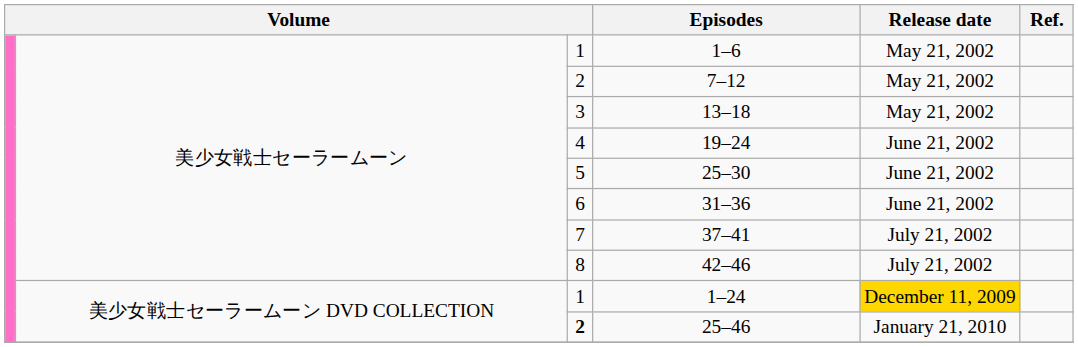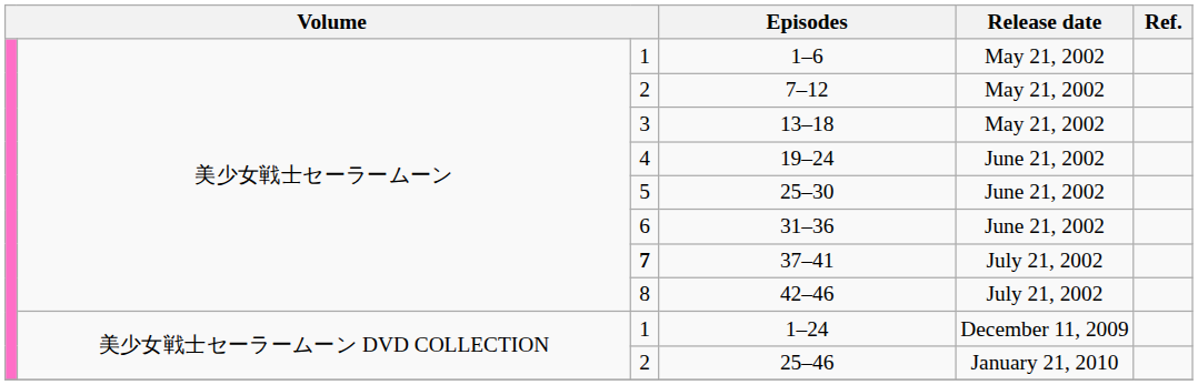 <table class="wikitable" style="text-align: center;">
 <tr>
 <th colspan="3">Volume</th>
 <th width="25%">Episodes</th>
 <th width="15%">Release date</th>
 <th width="5%">Ref.</th>
 </tr>
 <tr>
 <td rowspan="10" width="1%" style="background: #FF6EC7;"></td>
 <td rowspan="8">美少女戦士セーラームーン</td>
 <td>1</td>
 <td>1–6</td>
 <td>May 21, 2002</td>
 <td></td>
 </tr>
 <tr>
 <td>2</td>
 <td>7–12</td>
 <td>May 21, 2002</td>
 <td></td>
 </tr>
 <tr>
 <td>3</td>
 <td>13–18</td>
 <td>May 21, 2002</td>
 <td></td>
 </tr>
 <tr>
 <td>4</td>
 <td>19–24</td>
 <td>June 21, 2002</td>
 <td></td>
 </tr>
 <tr>
 <td>5</td>
 <td>25–30</td>
 <td>June 21, 2002</td>
 <td></td>
 </tr>
 <tr>
 <td>6</td>
 <td>31–36</td>
 <td>June 21, 2002</td>
 <td></td>
 </tr>
 <tr>
-<td>7</td>
+<td><strong>7</strong></td>
 <td>37–41</td>
 <td>July 21, 2002</td>
 <td></td>
 </tr>
 <tr>
 <td>8</td>
 <td>42–46</td>
 <td>July 21, 2002</td>
 <td></td>
 </tr>
 <tr>
 <td rowspan="2">美少女戦士セーラームーン DVD COLLECTION</td>
 <td>1</td>
 <td>1–24</td>
-<td style="background: gold;">December 11, 2009</td>
+<td>December 11, 2009</td>
 <td></td>
 </tr>
 <tr>
-<td><strong>2</strong></td>
+<td>2</td>
 <td>25–46</td>
 <td>January 21, 2010</td>
 <td></td>
 </tr>
 <tr>
 </tr>
 </table>
